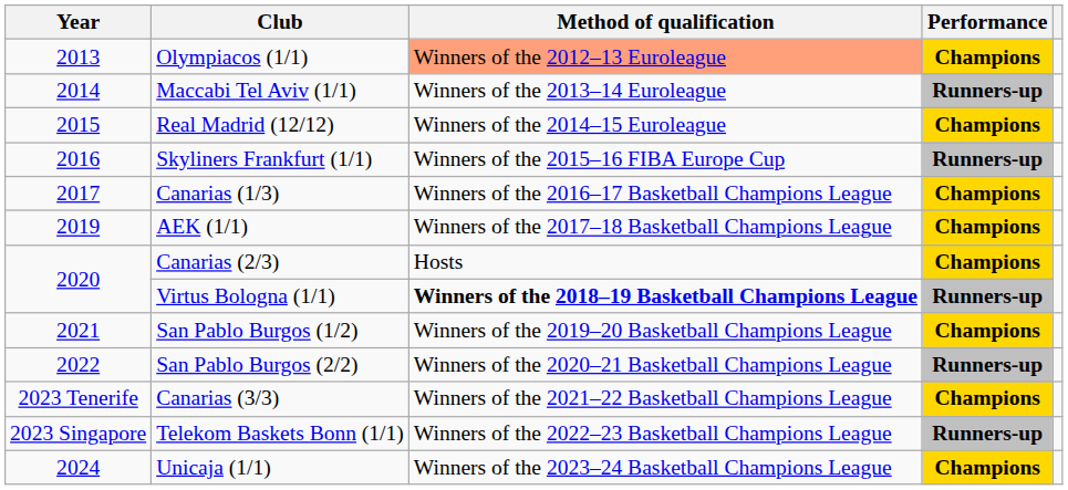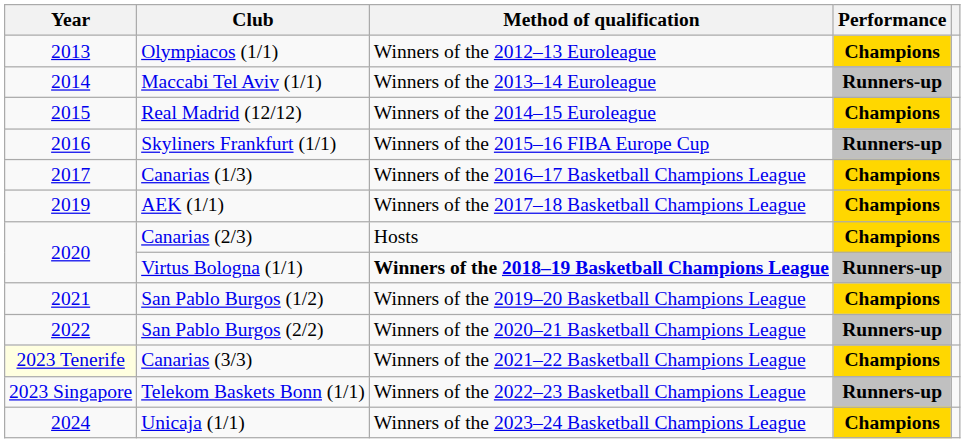 <table class="wikitable plainrowheaders sortable" style="text-align:center;">
 <tr>
 <th scope="col">Year</th>
 <th scope="col">Club</th>
 <th scope="col">Method of qualification</th>
 <th scope="col">Performance</th>
 <th class="unsortable"></th>
 </tr>
 <tr align="center">
 <td scope="row"><a href='#'>2013</a></td>
 <td align="left"> <a href='#'>Olympiacos</a> (1/1)</td>
-<td align="left" style="background: lightsalmon;">Winners of the <a href='#'>2012–13 Euroleague</a></td>
+<td align="left">Winners of the <a href='#'>2012–13 Euroleague</a></td>
 <td bgcolor=gold><strong>Champions</strong></td>
 <td></td>
 </tr>
 <tr align="center">
 <td scope="row"><a href='#'>2014</a></td>
 <td align="left"> <a href='#'>Maccabi Tel Aviv</a> (1/1)</td>
 <td align="left">Winners of the <a href='#'>2013–14 Euroleague</a></td>
 <td bgcolor="silver"><strong>Runners-up</strong></td>
 <td></td>
 </tr>
 <tr align="center">
 <td scope="row"><a href='#'>2015</a></td>
 <td align="left"> <a href='#'>Real Madrid</a> (12/12)</td>
 <td align="left">Winners of the <a href='#'>2014–15 Euroleague</a></td>
 <td bgcolor=gold><strong>Champions</strong></td>
 <td></td>
 </tr>
 <tr align="center">
 <td scope="row"><a href='#'>2016</a></td>
 <td align="left"> <a href='#'>Skyliners Frankfurt</a> (1/1)</td>
 <td align="left">Winners of the <a href='#'>2015–16 FIBA Europe Cup</a></td>
 <td bgcolor="silver"><strong>Runners-up</strong></td>
 <td></td>
 </tr>
 <tr align="center">
 <td><a href='#'>2017</a></td>
 <td align="left"> <a href='#'>Canarias</a> (1/3)</td>
 <td align="left">Winners of the <a href='#'>2016–17 Basketball Champions League</a></td>
 <td bgcolor=gold><strong>Champions</strong></td>
 <td></td>
 </tr>
 <tr align="center">
 <td><a href='#'>2019</a></td>
 <td align="left"> <a href='#'>AEK</a> (1/1)</td>
 <td align="left">Winners of the <a href='#'>2017–18 Basketball Champions League</a></td>
 <td bgcolor="gold"><strong>Champions</strong></td>
 <td></td>
 </tr>
 <tr align="center">
 <td rowspan="2"><a href='#'>2020</a></td>
 <td align="left"> <a href='#'>Canarias</a> (2/3)</td>
 <td align="left">Hosts</td>
 <td bgcolor=gold><strong>Champions</strong></td>
 <td rowspan="2"></td>
 </tr>
 <tr align="center">
 <td align=left> <a href='#'>Virtus Bologna</a> (1/1)</td>
 <td align=left><strong>Winners of the <a href='#'>2018–19 Basketball Champions League</a></strong></td>
 <td bgcolor=silver><strong>Runners-up</strong></td>
 </tr>
 <tr align="center">
 <td><a href='#'>2021</a></td>
 <td align="left"> <a href='#'>San Pablo Burgos</a> (1/2)</td>
 <td align="left">Winners of the <a href='#'>2019–20 Basketball Champions League</a></td>
 <td bgcolor=gold><strong>Champions</strong></td>
 <td></td>
 </tr>
 <tr align="center">
 <td><a href='#'>2022</a></td>
 <td align="left"> <a href='#'>San Pablo Burgos</a> (2/2)</td>
 <td align="left">Winners of the <a href='#'>2020–21 Basketball Champions League</a></td>
 <td bgcolor=silver><strong>Runners-up</strong></td>
 <td></td>
 </tr>
 <tr align="center">
-<td><a href='#'>2023 Tenerife</a></td>
+<td style="background: lightyellow;"><a href='#'>2023 Tenerife</a></td>
 <td align="left"> <a href='#'>Canarias</a> (3/3)</td>
 <td align="left">Winners of the <a href='#'>2021–22 Basketball Champions League</a></td>
 <td bgcolor="gold"><strong>Champions</strong></td>
 <td></td>
 </tr>
 <tr align="center">
 <td><a href='#'>2023 Singapore</a></td>
 <td align="left"> <a href='#'>Telekom Baskets Bonn</a> (1/1)</td>
 <td align="left">Winners of the <a href='#'>2022–23 Basketball Champions League</a></td>
 <td bgcolor="silver"><strong>Runners-up</strong></td>
 <td></td>
 </tr>
 <tr>
 <td><a href='#'>2024</a></td>
 <td align="left"> <a href='#'>Unicaja</a> (1/1)</td>
 <td align="left">Winners of the <a href='#'>2023–24 Basketball Champions League</a></td>
 <td bgcolor="gold"><strong>Champions</strong></td>
 <td></td>
 </tr>
 </table>
